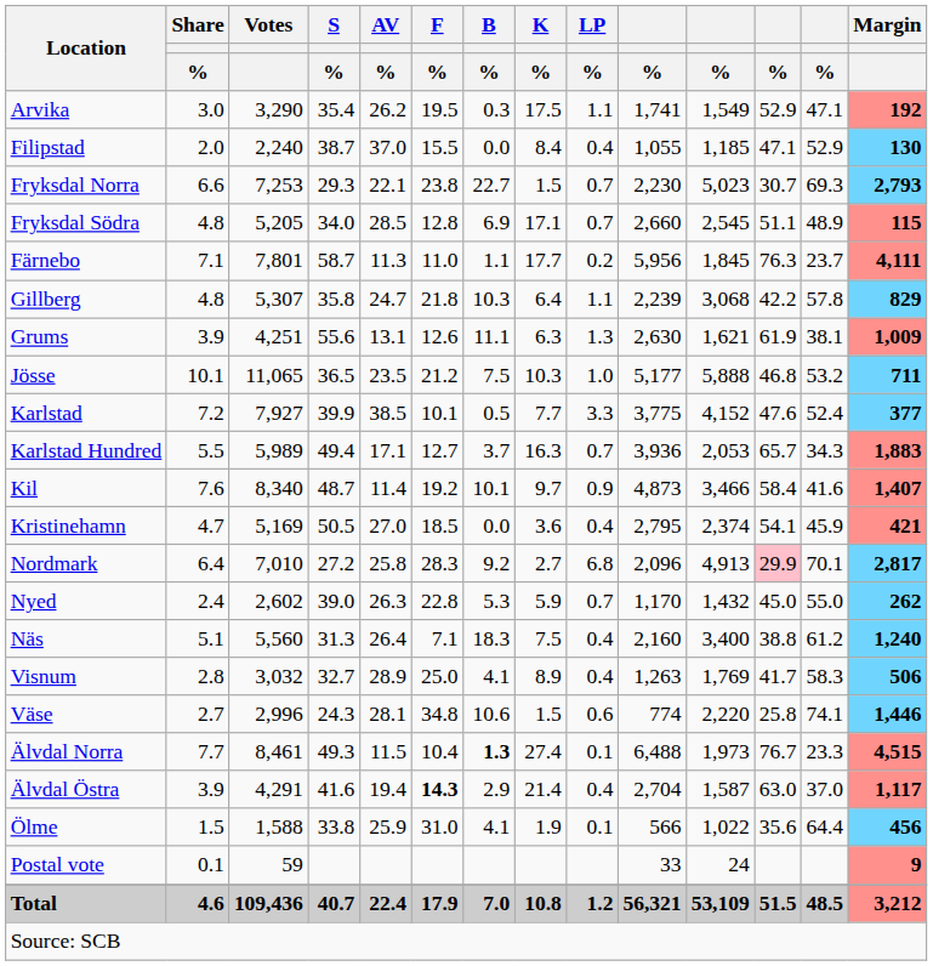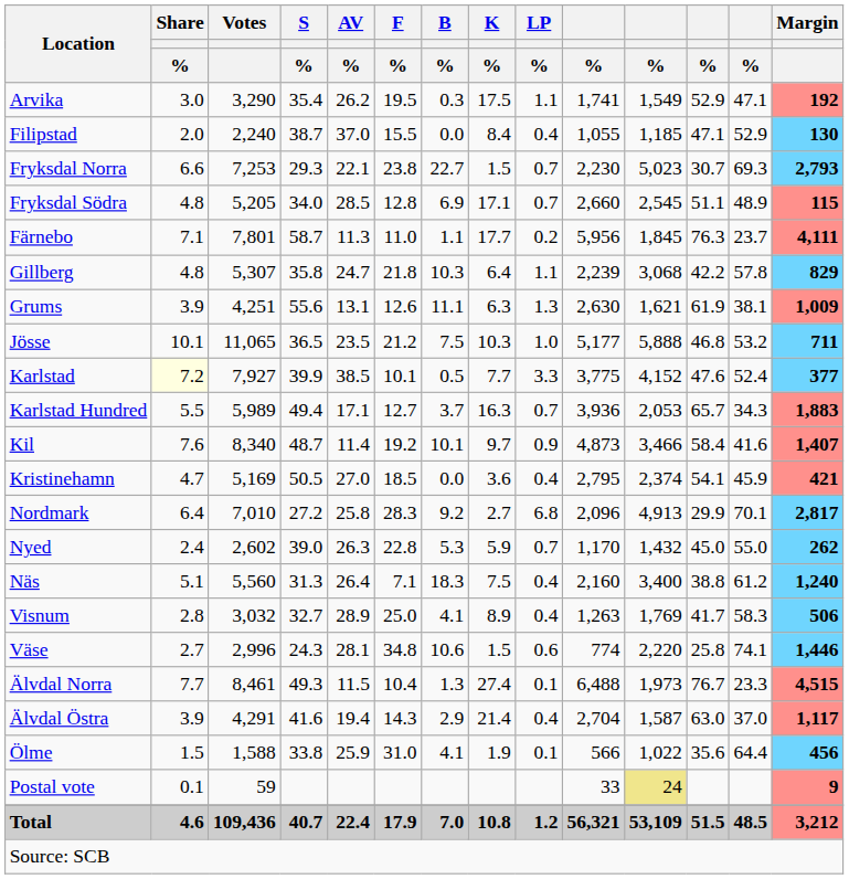 <table class="wikitable sortable" style="text-align:right; font-size:95%; line-height:20px;">
 <tr>
 <th rowspan="3">Location</th>
 <th>Share</th>
 <th>Votes</th>
 <th width="30px" class="unsortable"><a href='#'>S</a></th>
 <th width="30px" class="unsortable"><a href='#'>AV</a></th>
 <th width="30px" class="unsortable"><a href='#'>F</a></th>
 <th width="30px" class="unsortable"><a href='#'>B</a></th>
 <th width="30px" class="unsortable"><a href='#'>K</a></th>
 <th width="30px" class="unsortable"><a href='#'>LP</a></th>
 <th></th>
 <th></th>
 <th></th>
 <th></th>
 <th>Margin</th>
 </tr>
 <tr>
 <th></th>
 <th></th>
 <th style="background:"></th>
 <th style="background:"></th>
 <th style="background:"></th>
 <th style="background:"></th>
 <th style="background:"></th>
 <th style="background:"></th>
 <th style="background:"></th>
 <th style="background:"></th>
 <th style="background:"></th>
 <th style="background:"></th>
 <th></th>
 </tr>
 <tr>
 <th data-sort-type="number">%</th>
 <th></th>
 <th data-sort-type="number">%</th>
 <th data-sort-type="number">%</th>
 <th data-sort-type="number">%</th>
 <th data-sort-type="number">%</th>
 <th data-sort-type="number">%</th>
 <th data-sort-type="number">%</th>
 <th data-sort-type="number">%</th>
 <th data-sort-type="number">%</th>
 <th data-sort-type="number">%</th>
 <th data-sort-type="number">%</th>
 <th></th>
 </tr>
 <tr>
 <td align=left><a href='#'>Arvika</a></td>
 <td>3.0</td>
 <td>3,290</td>
 <td>35.4</td>
 <td>26.2</td>
 <td>19.5</td>
 <td>0.3</td>
 <td>17.5</td>
 <td>1.1</td>
 <td>1,741</td>
 <td>1,549</td>
 <td>52.9</td>
 <td>47.1</td>
 <td bgcolor=#ff908c><strong>192</strong></td>
 </tr>
 <tr>
 <td align=left><a href='#'>Filipstad</a></td>
 <td>2.0</td>
 <td>2,240</td>
 <td>38.7</td>
 <td>37.0</td>
 <td>15.5</td>
 <td>0.0</td>
 <td>8.4</td>
 <td>0.4</td>
 <td>1,055</td>
 <td>1,185</td>
 <td>47.1</td>
 <td>52.9</td>
 <td bgcolor=#6fd5fe><strong>130</strong></td>
 </tr>
 <tr>
 <td align=left><a href='#'>Fryksdal Norra</a></td>
 <td>6.6</td>
 <td>7,253</td>
 <td>29.3</td>
 <td>22.1</td>
 <td>23.8</td>
 <td>22.7</td>
 <td>1.5</td>
 <td>0.7</td>
 <td>2,230</td>
 <td>5,023</td>
 <td>30.7</td>
 <td>69.3</td>
 <td bgcolor=#6fd5fe><strong>2,793</strong></td>
 </tr>
 <tr>
 <td align=left><a href='#'>Fryksdal Södra</a></td>
 <td>4.8</td>
 <td>5,205</td>
 <td>34.0</td>
 <td>28.5</td>
 <td>12.8</td>
 <td>6.9</td>
 <td>17.1</td>
 <td>0.7</td>
 <td>2,660</td>
 <td>2,545</td>
 <td>51.1</td>
 <td>48.9</td>
 <td bgcolor=#ff908c><strong>115</strong></td>
 </tr>
 <tr>
 <td align=left><a href='#'>Färnebo</a></td>
 <td>7.1</td>
 <td>7,801</td>
 <td>58.7</td>
 <td>11.3</td>
 <td>11.0</td>
 <td>1.1</td>
 <td>17.7</td>
 <td>0.2</td>
 <td>5,956</td>
 <td>1,845</td>
 <td>76.3</td>
 <td>23.7</td>
 <td bgcolor=#ff908c><strong>4,111</strong></td>
 </tr>
 <tr>
 <td align=left><a href='#'>Gillberg</a></td>
 <td>4.8</td>
 <td>5,307</td>
 <td>35.8</td>
 <td>24.7</td>
 <td>21.8</td>
 <td>10.3</td>
 <td>6.4</td>
 <td>1.1</td>
 <td>2,239</td>
 <td>3,068</td>
 <td>42.2</td>
 <td>57.8</td>
 <td bgcolor=#6fd5fe><strong>829</strong></td>
 </tr>
 <tr>
 <td align=left><a href='#'>Grums</a></td>
 <td>3.9</td>
 <td>4,251</td>
 <td>55.6</td>
 <td>13.1</td>
 <td>12.6</td>
 <td>11.1</td>
 <td>6.3</td>
 <td>1.3</td>
 <td>2,630</td>
 <td>1,621</td>
 <td>61.9</td>
 <td>38.1</td>
 <td bgcolor=#ff908c><strong>1,009</strong></td>
 </tr>
 <tr>
 <td align=left><a href='#'>Jösse</a></td>
 <td>10.1</td>
 <td>11,065</td>
 <td>36.5</td>
 <td>23.5</td>
 <td>21.2</td>
 <td>7.5</td>
 <td>10.3</td>
 <td>1.0</td>
 <td>5,177</td>
 <td>5,888</td>
 <td>46.8</td>
 <td>53.2</td>
 <td bgcolor=#6fd5fe><strong>711</strong></td>
 </tr>
 <tr>
 <td align=left><a href='#'>Karlstad</a></td>
-<td>7.2</td>
+<td style="background: lightyellow;">7.2</td>
 <td>7,927</td>
 <td>39.9</td>
 <td>38.5</td>
 <td>10.1</td>
 <td>0.5</td>
 <td>7.7</td>
 <td>3.3</td>
 <td>3,775</td>
 <td>4,152</td>
 <td>47.6</td>
 <td>52.4</td>
 <td bgcolor=#6fd5fe><strong>377</strong></td>
 </tr>
 <tr>
 <td align=left><a href='#'>Karlstad Hundred</a></td>
 <td>5.5</td>
 <td>5,989</td>
 <td>49.4</td>
 <td>17.1</td>
 <td>12.7</td>
 <td>3.7</td>
 <td>16.3</td>
 <td>0.7</td>
 <td>3,936</td>
 <td>2,053</td>
 <td>65.7</td>
 <td>34.3</td>
 <td bgcolor=#ff908c><strong>1,883</strong></td>
 </tr>
 <tr>
 <td align=left><a href='#'>Kil</a></td>
 <td>7.6</td>
 <td>8,340</td>
 <td>48.7</td>
 <td>11.4</td>
 <td>19.2</td>
 <td>10.1</td>
 <td>9.7</td>
 <td>0.9</td>
 <td>4,873</td>
 <td>3,466</td>
 <td>58.4</td>
 <td>41.6</td>
 <td bgcolor=#ff908c><strong>1,407</strong></td>
 </tr>
 <tr>
 <td align=left><a href='#'>Kristinehamn</a></td>
 <td>4.7</td>
 <td>5,169</td>
 <td>50.5</td>
 <td>27.0</td>
 <td>18.5</td>
 <td>0.0</td>
 <td>3.6</td>
 <td>0.4</td>
 <td>2,795</td>
 <td>2,374</td>
 <td>54.1</td>
 <td>45.9</td>
 <td bgcolor=#ff908c><strong>421</strong></td>
 </tr>
 <tr>
 <td align=left><a href='#'>Nordmark</a></td>
 <td>6.4</td>
 <td>7,010</td>
 <td>27.2</td>
 <td>25.8</td>
 <td>28.3</td>
 <td>9.2</td>
 <td>2.7</td>
 <td>6.8</td>
 <td>2,096</td>
 <td>4,913</td>
-<td style="background: pink;">29.9</td>
+<td>29.9</td>
 <td>70.1</td>
 <td bgcolor=#6fd5fe><strong>2,817</strong></td>
 </tr>
 <tr>
 <td align=left><a href='#'>Nyed</a></td>
 <td>2.4</td>
 <td>2,602</td>
 <td>39.0</td>
 <td>26.3</td>
 <td>22.8</td>
 <td>5.3</td>
 <td>5.9</td>
 <td>0.7</td>
 <td>1,170</td>
 <td>1,432</td>
 <td>45.0</td>
 <td>55.0</td>
 <td bgcolor=#6fd5fe><strong>262</strong></td>
 </tr>
 <tr>
 <td align=left><a href='#'>Näs</a></td>
 <td>5.1</td>
 <td>5,560</td>
 <td>31.3</td>
 <td>26.4</td>
 <td>7.1</td>
 <td>18.3</td>
 <td>7.5</td>
 <td>0.4</td>
 <td>2,160</td>
 <td>3,400</td>
 <td>38.8</td>
 <td>61.2</td>
 <td bgcolor=#6fd5fe><strong>1,240</strong></td>
 </tr>
 <tr>
 <td align=left><a href='#'>Visnum</a></td>
 <td>2.8</td>
 <td>3,032</td>
 <td>32.7</td>
 <td>28.9</td>
 <td>25.0</td>
 <td>4.1</td>
 <td>8.9</td>
 <td>0.4</td>
 <td>1,263</td>
 <td>1,769</td>
 <td>41.7</td>
 <td>58.3</td>
 <td bgcolor=#6fd5fe><strong>506</strong></td>
 </tr>
 <tr>
 <td align=left><a href='#'>Väse</a></td>
 <td>2.7</td>
 <td>2,996</td>
 <td>24.3</td>
 <td>28.1</td>
 <td>34.8</td>
 <td>10.6</td>
 <td>1.5</td>
 <td>0.6</td>
 <td>774</td>
 <td>2,220</td>
 <td>25.8</td>
 <td>74.1</td>
 <td bgcolor=#6fd5fe><strong>1,446</strong></td>
 </tr>
 <tr>
 <td align=left><a href='#'>Älvdal Norra</a></td>
 <td>7.7</td>
 <td>8,461</td>
 <td>49.3</td>
 <td>11.5</td>
 <td>10.4</td>
-<td><strong>1.3</strong></td>
+<td>1.3</td>
 <td>27.4</td>
 <td>0.1</td>
 <td>6,488</td>
 <td>1,973</td>
 <td>76.7</td>
 <td>23.3</td>
 <td bgcolor=#ff908c><strong>4,515</strong></td>
 </tr>
 <tr>
 <td align=left><a href='#'>Älvdal Östra</a></td>
 <td>3.9</td>
 <td>4,291</td>
 <td>41.6</td>
 <td>19.4</td>
-<td><strong>14.3</strong></td>
+<td>14.3</td>
 <td>2.9</td>
 <td>21.4</td>
 <td>0.4</td>
 <td>2,704</td>
 <td>1,587</td>
 <td>63.0</td>
 <td>37.0</td>
 <td bgcolor=#ff908c><strong>1,117</strong></td>
 </tr>
 <tr>
 <td align=left><a href='#'>Ölme</a></td>
 <td>1.5</td>
 <td>1,588</td>
 <td>33.8</td>
 <td>25.9</td>
 <td>31.0</td>
 <td>4.1</td>
 <td>1.9</td>
 <td>0.1</td>
 <td>566</td>
 <td>1,022</td>
 <td>35.6</td>
 <td>64.4</td>
 <td bgcolor=#6fd5fe><strong>456</strong></td>
 </tr>
 <tr>
 <td align=left><a href='#'>Postal vote</a></td>
 <td>0.1</td>
 <td>59</td>
 <td></td>
 <td></td>
 <td></td>
 <td></td>
 <td></td>
 <td></td>
 <td>33</td>
-<td>24</td>
+<td style="background: khaki;">24</td>
 <td></td>
 <td></td>
 <td bgcolor=#ff908c><strong>9</strong></td>
 </tr>
 <tr>
 </tr>
 <tr style="background:#CDCDCD;">
 <td align=left><strong>Total</strong></td>
 <td><strong>4.6</strong></td>
 <td><strong>109,436</strong></td>
 <td><strong>40.7</strong></td>
 <td><strong>22.4</strong></td>
 <td><strong>17.9</strong></td>
 <td><strong>7.0</strong></td>
 <td><strong>10.8</strong></td>
 <td><strong>1.2</strong></td>
 <td><strong>56,321</strong></td>
 <td><strong>53,109</strong></td>
 <td><strong>51.5</strong></td>
 <td><strong>48.5</strong></td>
 <td bgcolor=#ff908c><strong>3,212</strong></td>
 </tr>
 <tr>
 <td align=left colspan=14>Source: SCB </td>
 </tr>
 </table>
